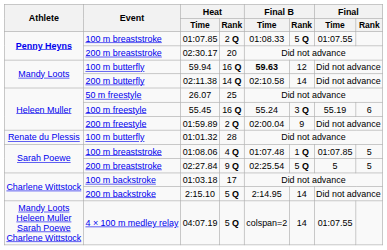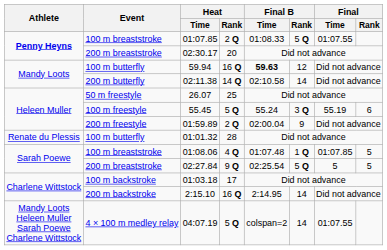 <table class=wikitable style="font-size:90%">
 <tr>
 <th rowspan="2">Athlete</th>
 <th rowspan="2">Event</th>
 <th colspan="2">Heat</th>
 <th colspan="2">Final B</th>
 <th colspan="2">Final</th>
 </tr>
 <tr style="font-size:95%">
 <th>Time</th>
 <th>Rank</th>
 <th>Time</th>
 <th>Rank</th>
 <th>Time</th>
 <th>Rank</th>
 </tr>
 <tr>
 <td align=center rowspan=2><strong><a href='#'>Penny Heyns</a></strong></td>
 <td><a href='#'>100 m breaststroke</a></td>
 <td align=center>01:07.85</td>
 <td align=center>2 <strong>Q</strong></td>
 <td align=center>01:08.33</td>
 <td align=center>5 <strong>Q</strong></td>
 <td align=center>01:07.55</td>
 <td align=center></td>
 </tr>
 <tr>
 <td><a href='#'>200 m breaststroke</a></td>
 <td align=center>02:30.17</td>
 <td align=center>20</td>
 <td align=center colspan=4>Did not advance</td>
 </tr>
 <tr>
 <td align=center rowspan=2><a href='#'>Mandy Loots</a></td>
 <td><a href='#'>100 m butterfly</a></td>
 <td align=center>59.94</td>
 <td align=center>16 <strong>Q</strong></td>
 <td align=center><strong>59.63</strong></td>
 <td align=center>12</td>
 <td align=center colspan=2>Did not advance</td>
 </tr>
 <tr>
 <td><a href='#'>200 m butterfly</a></td>
 <td align=center>02:11.38</td>
 <td align=center>14 <strong>Q</strong></td>
 <td align=center>02:10.58</td>
 <td align=center>14</td>
 <td align=center colspan=2>Did not advance</td>
 </tr>
 <tr>
 <td align=center rowspan=3><a href='#'>Heleen Muller</a></td>
 <td><a href='#'>50 m freestyle</a></td>
 <td align=center>26.07</td>
 <td align=center>25</td>
 <td align=center colspan=4>Did not advance</td>
 </tr>
 <tr>
 <td><a href='#'>100 m freestyle</a></td>
 <td align=center>55.45</td>
-<td align=center>16 <strong>Q</strong></td>
+<td align=center>5 <strong>Q</strong></td>
 <td align=center>55.24</td>
 <td align=center>3 <strong>Q</strong></td>
 <td align=center>55.19</td>
 <td align=center>6</td>
 </tr>
 <tr>
 <td><a href='#'>200 m freestyle</a></td>
 <td align=center>01:59.89</td>
 <td align=center>2 <strong>Q</strong></td>
 <td align=center>02:00.04</td>
 <td align=center>9</td>
 <td align=center colspan=2>Did not advance</td>
 </tr>
 <tr>
 <td align=center><a href='#'>Renate du Plessis</a></td>
 <td><a href='#'>100 m butterfly</a></td>
 <td align=center>01:01.32</td>
 <td align=center>28</td>
 <td align=center colspan=4>Did not advance</td>
 </tr>
 <tr>
 <td align=center rowspan=2><a href='#'>Sarah Poewe</a></td>
 <td><a href='#'>100 m breaststroke</a></td>
 <td align=center>01:08.06</td>
 <td align=center>4 <strong>Q</strong></td>
 <td align=center>01:07.48</td>
 <td align=center>1 <strong>Q</strong></td>
 <td align=center>01:07.85</td>
 <td align=center>5</td>
 </tr>
 <tr>
 <td><a href='#'>200 m breaststroke</a></td>
 <td align=center>02:27.84</td>
 <td align=center>9 <strong>Q</strong></td>
 <td align=center>02:25.54</td>
 <td align=center>5 <strong>Q</strong></td>
 <td align=center>5</td>
 <td align=center>5</td>
 </tr>
 <tr>
 <td align=center rowspan=2><a href='#'>Charlene Wittstock</a></td>
 <td><a href='#'>100 m backstroke</a></td>
 <td align=center>01:03.18</td>
 <td align=center>17</td>
 <td align=center colspan=4>Did not advance</td>
 </tr>
 <tr>
 <td><a href='#'>200 m backstroke</a></td>
 <td align=center>2:15.10</td>
-<td align=center>5 <strong>Q</strong></td>
+<td align=center>16 <strong>Q</strong></td>
 <td align=center>2:14.95</td>
 <td align=center>14</td>
 <td align=center colspan=4>Did not advance</td>
 </tr>
 <tr>
 <td align=center><a href='#'>Mandy Loots</a><br><a href='#'>Heleen Muller</a><br><a href='#'>Sarah Poewe</a><br><a href='#'>Charlene Wittstock</a></td>
 <td><a href='#'>4 × 100 m medley relay</a></td>
 <td align=center>04:07.19</td>
 <td align=center>5 <strong>Q</strong></td>
 <td>colspan=2 </td>
 <td align=center>14</td>
 <td align=center>01:07.55</td>
 </tr>
 </table>
